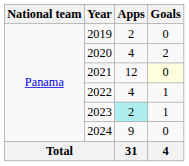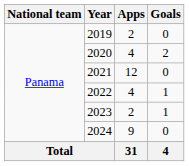 <table class="wikitable" style="text-align:center">
 <tr>
 <th>National team</th>
 <th>Year</th>
 <th>Apps</th>
 <th>Goals</th>
 </tr>
 <tr>
 <td rowspan=6><a href='#'>Panama</a></td>
 <td>2019</td>
 <td>2</td>
 <td>0</td>
 </tr>
 <tr>
 <td>2020</td>
 <td>4</td>
 <td>2</td>
 </tr>
 <tr>
 <td>2021</td>
 <td>12</td>
-<td style="background: lightyellow;">0</td>
+<td>0</td>
 </tr>
 <tr>
 <td>2022</td>
 <td>4</td>
 <td>1</td>
 </tr>
 <tr>
 <td>2023</td>
-<td style="background: paleturquoise;">2</td>
+<td>2</td>
 <td>1</td>
 </tr>
 <tr>
 <td>2024</td>
 <td>9</td>
 <td>0</td>
 </tr>
 <tr>
 <th colspan=2>Total</th>
 <th>31</th>
 <th>4</th>
 </tr>
 </table>
